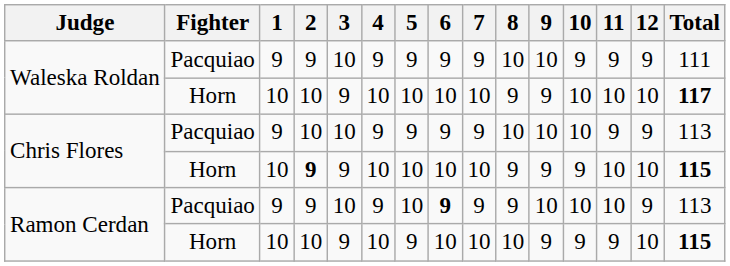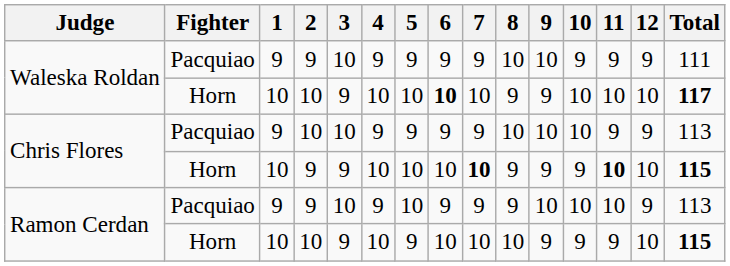 <table class="wikitable" style="text-align:center">
 <tr>
 <th align="left">Judge</th>
 <th>Fighter</th>
 <th> 1 </th>
 <th> 2 </th>
 <th> 3 </th>
 <th> 4 </th>
 <th> 5 </th>
 <th> 6 </th>
 <th> 7 </th>
 <th> 8 </th>
 <th> 9 </th>
 <th>10</th>
 <th>11</th>
 <th>12</th>
 <th>Total</th>
 </tr>
 <tr>
 <td rowspan="2" style="text-align:left;">Waleska Roldan</td>
 <td>Pacquiao</td>
 <td>9</td>
 <td>9</td>
 <td>10</td>
 <td>9</td>
 <td>9</td>
 <td>9</td>
 <td>9</td>
 <td>10</td>
 <td>10</td>
 <td>9</td>
 <td>9</td>
 <td>9</td>
 <td>111</td>
 </tr>
 <tr>
 <td>Horn</td>
 <td>10</td>
 <td>10</td>
 <td>9</td>
 <td>10</td>
 <td>10</td>
-<td>10</td>
+<td><strong>10</strong></td>
 <td>10</td>
 <td>9</td>
 <td>9</td>
 <td>10</td>
 <td>10</td>
 <td>10</td>
 <td><strong>117</strong></td>
 </tr>
 <tr>
 <td rowspan="2" style="text-align:left;">Chris Flores</td>
 <td>Pacquiao</td>
 <td>9</td>
 <td>10</td>
 <td>10</td>
 <td>9</td>
 <td>9</td>
 <td>9</td>
 <td>9</td>
 <td>10</td>
 <td>10</td>
 <td>10</td>
 <td>9</td>
 <td>9</td>
 <td>113</td>
 </tr>
 <tr>
 <td>Horn</td>
 <td>10</td>
-<td><strong>9</strong></td>
+<td>9</td>
 <td>9</td>
 <td>10</td>
 <td>10</td>
 <td>10</td>
-<td>10</td>
+<td><strong>10</strong></td>
 <td>9</td>
 <td>9</td>
 <td>9</td>
-<td>10</td>
+<td><strong>10</strong></td>
 <td>10</td>
 <td><strong>115</strong></td>
 </tr>
 <tr>
 <td rowspan="2" style="text-align:left;">Ramon Cerdan</td>
 <td>Pacquiao</td>
 <td>9</td>
 <td>9</td>
 <td>10</td>
 <td>9</td>
 <td>10</td>
-<td><strong>9</strong></td>
+<td>9</td>
 <td>9</td>
 <td>9</td>
 <td>10</td>
 <td>10</td>
 <td>10</td>
 <td>9</td>
 <td>113</td>
 </tr>
 <tr>
 <td>Horn</td>
 <td>10</td>
 <td>10</td>
 <td>9</td>
 <td>10</td>
 <td>9</td>
 <td>10</td>
 <td>10</td>
 <td>10</td>
 <td>9</td>
 <td>9</td>
 <td>9</td>
 <td>10</td>
 <td><strong>115</strong></td>
 </tr>
 </table>
